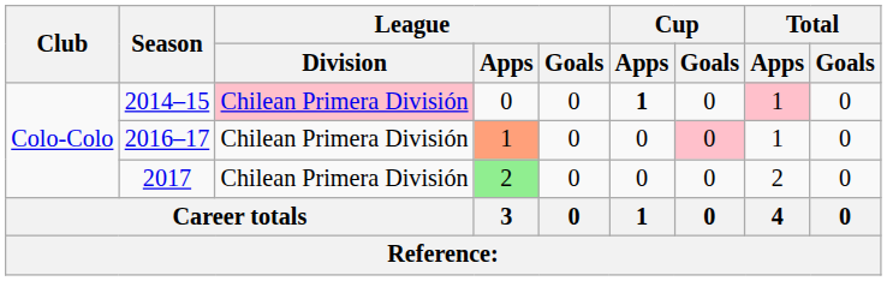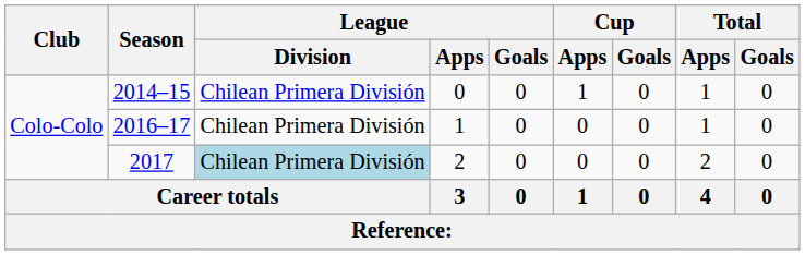 <table class="wikitable" Style="text-align: center">
 <tr>
 <th rowspan="2">Club</th>
 <th rowspan="2">Season</th>
 <th colspan="3">League</th>
 <th colspan="2">Cup</th>
 <th colspan="2">Total</th>
 </tr>
 <tr>
 <th>Division</th>
 <th>Apps</th>
 <th>Goals</th>
 <th>Apps</th>
 <th>Goals</th>
 <th>Apps</th>
 <th>Goals</th>
 </tr>
 <tr>
 <td rowspan="3"><a href='#'>Colo-Colo</a></td>
 <td><a href='#'>2014–15</a></td>
-<td style="background: pink;"><a href='#'>Chilean Primera División</a></td>
+<td><a href='#'>Chilean Primera División</a></td>
 <td>0</td>
 <td>0</td>
-<td><strong>1</strong></td>
+<td>1</td>
 <td>0</td>
-<td style="background: pink;">1</td>
+<td>1</td>
 <td>0</td>
 </tr>
 <tr>
 <td><a href='#'>2016–17</a></td>
 <td>Chilean Primera División</td>
-<td style="background: lightsalmon;">1</td>
+<td>1</td>
 <td>0</td>
 <td>0</td>
-<td style="background: pink;">0</td>
+<td>0</td>
 <td>1</td>
 <td>0</td>
 </tr>
 <tr>
 <td><a href='#'>2017</a></td>
-<td>Chilean Primera División</td>
-<td style="background: lightgreen;">2</td>
+<td style="background: lightblue;">Chilean Primera División</td>
+<td>2</td>
 <td>0</td>
 <td>0</td>
 <td>0</td>
 <td>2</td>
 <td>0</td>
 </tr>
 <tr>
 <th colspan="3">Career totals</th>
 <th>3</th>
 <th>0</th>
 <th>1</th>
 <th>0</th>
 <th>4</th>
 <th>0</th>
 </tr>
 <tr>
 <th colspan="9">Reference:</th>
 </tr>
 </table>
